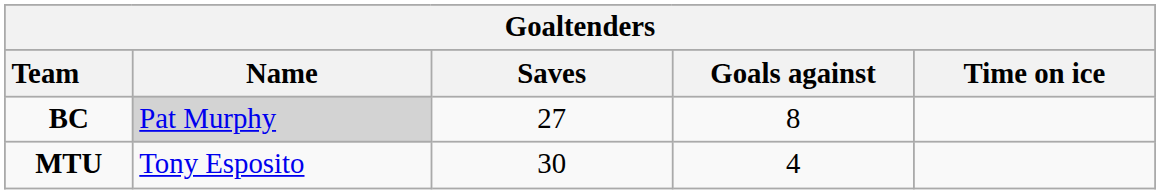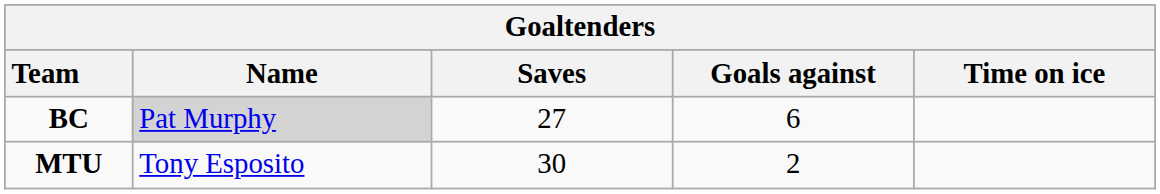 <table class="wikitable" style="width:40em; text-align:right;">
 <tr>
 <th colspan=5>Goaltenders</th>
 </tr>
 <tr>
 <th style="width:4em; text-align:left;">Team</th>
 <th style="width:10em;">Name</th>
 <th style="width:8em;">Saves</th>
 <th style="width:8em;">Goals against</th>
 <th style="width:8em;">Time on ice</th>
 </tr>
 <tr>
 <td align=center><strong>BC</strong></td>
 <td style="background: lightgrey; text-align:left;"><a href='#'>Pat Murphy</a></td>
 <td align=center>27</td>
-<td align=center>8</td>
+<td align=center>6</td>
 <td align=center></td>
 </tr>
 <tr>
 <td align=center><strong>MTU</strong></td>
 <td style="text-align:left;"><a href='#'>Tony Esposito</a></td>
 <td align=center>30</td>
-<td align=center>4</td>
+<td align=center>2</td>
 <td align=center></td>
 </tr>
 </table>
